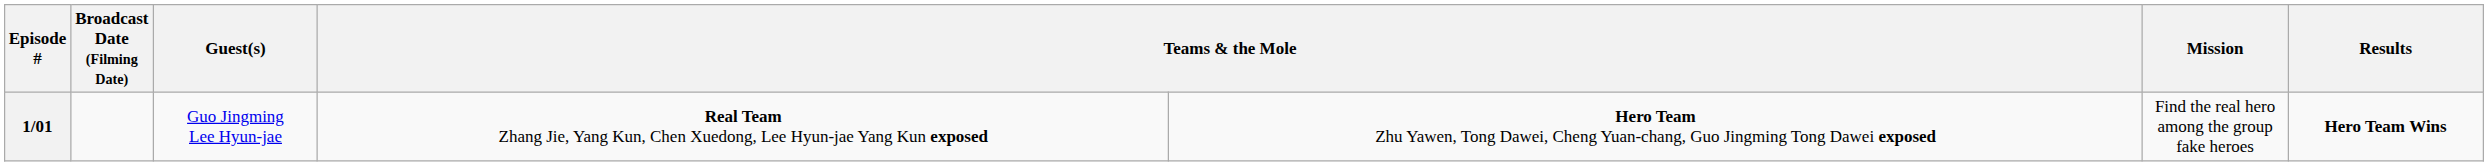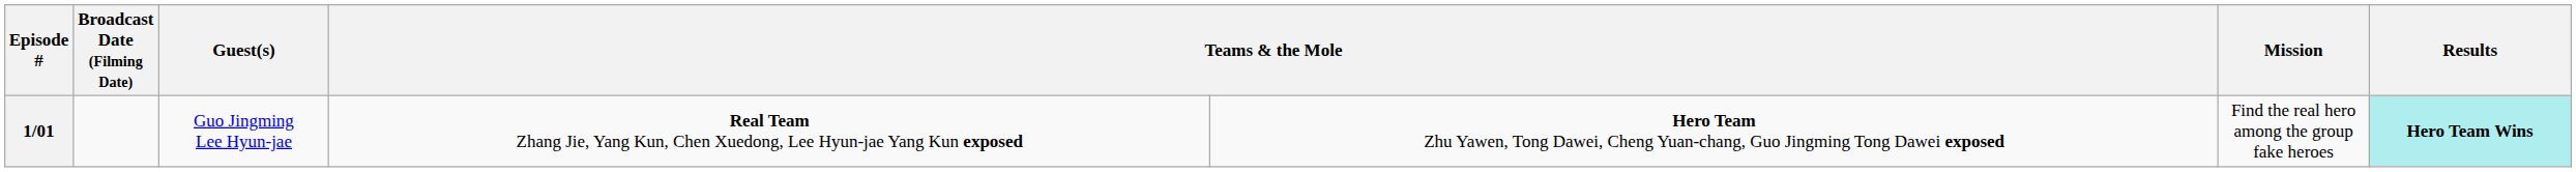 <table class="wikitable" style="text-align:center; font-size:85%;width:100%">
 <tr>
 <th style="width:40px;">Episode #</th>
 <th style="width:60px;">Broadcast Date <br><small>(Filming Date)</small></th>
 <th style="width:125px;">Guest(s)</th>
 <th colspan="2">Teams & the Mole</th>
 <th style="width:110px;">Mission</th>
 <th style="width:150px;">Results</th>
 </tr>
 <tr>
 <th>1/01</th>
 <td></td>
 <td><a href='#'>Guo Jingming</a><br><a href='#'>Lee Hyun-jae</a></td>
 <td><span><strong>Real Team</strong></span><br>Zhang Jie, Yang Kun, Chen Xuedong, Lee Hyun-jae Yang Kun <strong>exposed</strong></td>
 <td><span><strong>Hero Team</strong></span><br>Zhu Yawen, Tong Dawei, Cheng Yuan-chang, Guo Jingming Tong Dawei <strong>exposed</strong></td>
 <td>Find the real hero among the group fake heroes</td>
-<td><span><strong>Hero Team</strong></span> <strong>Wins</strong></td>
+<td style="background: paleturquoise;"><span><strong>Hero Team</strong></span> <strong>Wins</strong></td>
 </tr>
 </table>
